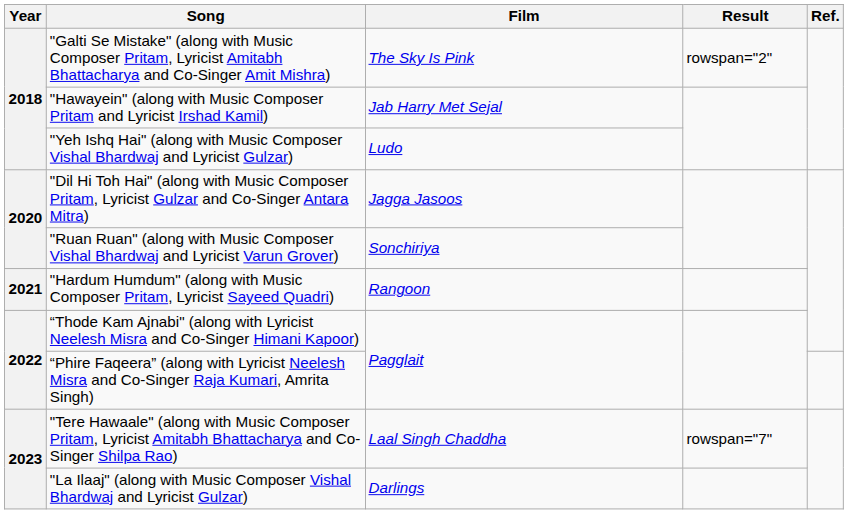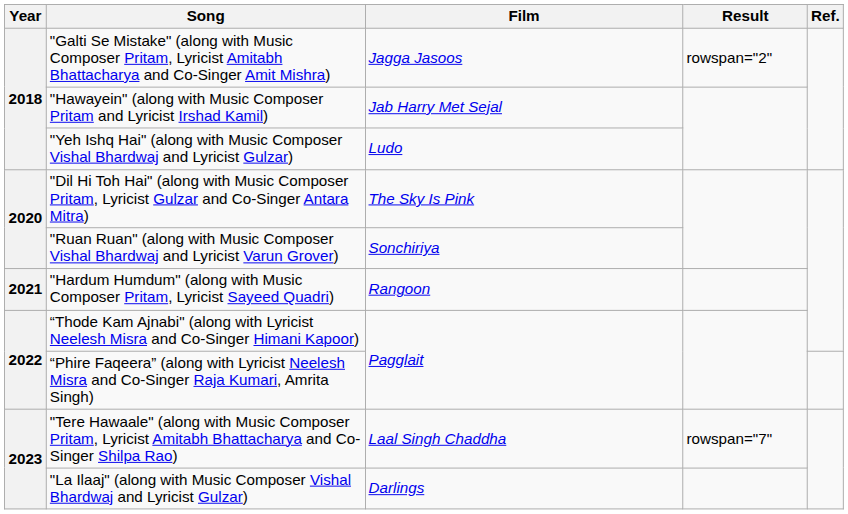 <table class="wikitable plainrowheaders" width="100%" textcolor:#000;">
 <tr>
 <th scope="col" width=5%><strong>Year</strong></th>
 <th scope="col" width=39%><strong>Song</strong></th>
 <th scope="col" width=39%><strong>Film</strong></th>
 <th scope="col" width=15%><strong>Result</strong></th>
 <th scope="col" width=2%><strong>Ref.</strong></th>
 </tr>
 <tr>
 <th scope="row" rowspan="3">2018</th>
 <td>"Galti Se Mistake" (along with Music Composer <a href='#'>Pritam</a>, Lyricist <a href='#'>Amitabh Bhattacharya</a> and Co-Singer <a href='#'>Amit Mishra</a>)</td>
-<td><em><a href='#'>The Sky Is Pink</a></em></td>
+<td><em><a href='#'>Jagga Jasoos</a></em></td>
 <td>rowspan="2" </td>
 <td rowspan="3"></td>
 </tr>
 <tr>
 <td>"Hawayein" (along with Music Composer <a href='#'>Pritam</a> and Lyricist <a href='#'>Irshad Kamil</a>)</td>
 <td><em><a href='#'>Jab Harry Met Sejal</a></em></td>
 </tr>
 <tr>
 <td>"Yeh Ishq Hai" (along with Music Composer <a href='#'>Vishal Bhardwaj</a> and Lyricist <a href='#'>Gulzar</a>)</td>
 <td><em><a href='#'>Ludo</a></em></td>
 </tr>
 <tr>
 <th scope="row" rowspan="2">2020</th>
 <td>"Dil Hi Toh Hai" (along with Music Composer <a href='#'>Pritam</a>, Lyricist <a href='#'>Gulzar</a> and Co-Singer <a href='#'>Antara Mitra</a>)</td>
-<td><em><a href='#'>Jagga Jasoos</a></em></td>
+<td><em><a href='#'>The Sky Is Pink</a></em></td>
 <td rowspan="2"></td>
 </tr>
 <tr>
 <td>"Ruan Ruan" (along with Music Composer <a href='#'>Vishal Bhardwaj</a> and Lyricist <a href='#'>Varun Grover</a>)</td>
 <td><em><a href='#'>Sonchiriya</a></em></td>
 </tr>
 <tr>
 <th scope="row">2021</th>
 <td>"Hardum Humdum" (along with Music Composer <a href='#'>Pritam</a>, Lyricist <a href='#'>Sayeed Quadri</a>)</td>
 <td><em><a href='#'>Rangoon</a></em></td>
 <td></td>
 </tr>
 <tr>
 <th scope="row" rowspan="2">2022</th>
 <td>“Thode Kam Ajnabi" (along with Lyricist <a href='#'>Neelesh Misra</a> and Co-Singer <a href='#'>Himani Kapoor</a>)</td>
 <td rowspan="2"><em><a href='#'>Pagglait</a></em></td>
 <td rowspan="2"></td>
 </tr>
 <tr>
 <td>“Phire Faqeera” (along with Lyricist <a href='#'>Neelesh Misra</a> and Co-Singer <a href='#'>Raja Kumari</a>, Amrita Singh)</td>
 <td></td>
 </tr>
 <tr>
 <th scope="row" rowspan="2">2023</th>
 <td>"Tere Hawaale" (along with Music Composer <a href='#'>Pritam</a>, Lyricist <a href='#'>Amitabh Bhattacharya</a> and Co-Singer <a href='#'>Shilpa Rao</a>)</td>
 <td><em><a href='#'>Laal Singh Chaddha</a></em></td>
 <td>rowspan="7" </td>
 <td rowspan="2"></td>
 </tr>
 <tr>
 <td>"La Ilaaj" (along with Music Composer <a href='#'>Vishal Bhardwaj</a> and Lyricist <a href='#'>Gulzar</a>)</td>
 <td><em><a href='#'>Darlings</a></em></td>
 </tr>
 </table>
